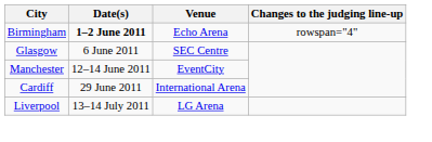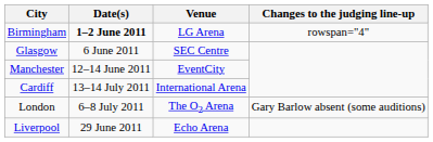 <table class="wikitable sortable plainrowheaders" style="text-align:center">
 <tr>
 <th>City</th>
 <th scope="col">Date(s)</th>
 <th scope="col">Venue</th>
 <th scope="col">Changes to the judging line-up</th>
 </tr>
 <tr>
 <td><a href='#'>Birmingham</a></td>
 <td><strong>1–2 June 2011</strong></td>
-<td><a href='#'>Echo Arena</a></td>
+<td><a href='#'>LG Arena</a></td>
 <td>rowspan="4" </td>
 </tr>
 <tr>
 <td><a href='#'>Glasgow</a></td>
 <td>6 June 2011</td>
 <td><a href='#'>SEC Centre</a></td>
 </tr>
 <tr>
 <td><a href='#'>Manchester</a></td>
 <td>12–14 June 2011</td>
 <td><a href='#'>EventCity</a></td>
 </tr>
 <tr>
 <td><a href='#'>Cardiff</a></td>
-<td>29 June 2011</td>
+<td>13–14 July 2011</td>
 <td><a href='#'>International Arena</a></td>
 </tr>
 <tr>
+<td>London</td>
+<td>6–8 July 2011</td>
+<td><a href='#'>The O<sub>2</sub> Arena</a></td>
+<td>Gary Barlow absent (some auditions)</td>
+</tr>
+<tr>
 <td><a href='#'>Liverpool</a></td>
-<td>13–14 July 2011</td>
-<td><a href='#'>LG Arena</a></td>
+<td>29 June 2011</td>
+<td><a href='#'>Echo Arena</a></td>
 <td></td>
 </tr>
 </table>
